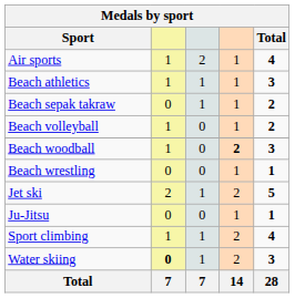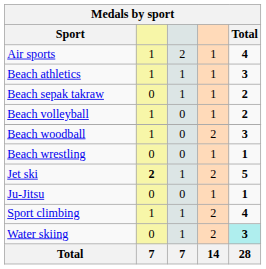 <table class="wikitable" style="font-size:90%; text-align:center;">
 <tr>
 <th colspan=5>Medals by sport</th>
 </tr>
 <tr>
 <th width=150>Sport</th>
 <th scope="col" width=30 style="background:#F7F6A8;"></th>
 <th scope="col" width=30 style="background:#DCE5E5;"></th>
 <th scope="col" width=30 style="background:#FFDAB9;"></th>
 <th width=30>Total</th>
 </tr>
 <tr>
 <td align=left> <a href='#'>Air sports</a></td>
 <td style="background:#F7F6A8;">1</td>
 <td style="background:#DCE5E5;">2</td>
 <td style="background:#FFDAB9;">1</td>
 <td><strong>4</strong></td>
 </tr>
 <tr>
 <td align=left> <a href='#'>Beach athletics</a></td>
 <td style="background:#F7F6A8;">1</td>
 <td style="background:#DCE5E5;">1</td>
 <td style="background:#FFDAB9;">1</td>
 <td><strong>3</strong></td>
 </tr>
 <tr>
 <td align=left> <a href='#'>Beach sepak takraw</a></td>
 <td style="background:#F7F6A8;">0</td>
 <td style="background:#DCE5E5;">1</td>
 <td style="background:#FFDAB9;">1</td>
 <td><strong>2</strong></td>
 </tr>
 <tr>
 <td align=left> <a href='#'>Beach volleyball</a></td>
 <td style="background:#F7F6A8;">1</td>
 <td style="background:#DCE5E5;">0</td>
 <td style="background:#FFDAB9;">1</td>
 <td><strong>2</strong></td>
 </tr>
 <tr>
 </tr>
 <tr>
 <td align=left> <a href='#'>Beach woodball</a></td>
 <td style="background:#F7F6A8;">1</td>
 <td style="background:#DCE5E5;">0</td>
-<td style="background:#FFDAB9;"><strong>2</strong></td>
+<td style="background:#FFDAB9;">2</td>
 <td><strong>3</strong></td>
 </tr>
 <tr>
 <td align=left> <a href='#'>Beach wrestling</a></td>
 <td style="background:#F7F6A8;">0</td>
 <td style="background:#DCE5E5;">0</td>
 <td style="background:#FFDAB9;">1</td>
 <td><strong>1</strong></td>
 </tr>
 <tr>
 <td align=left> <a href='#'>Jet ski</a></td>
-<td style="background:#F7F6A8;">2</td>
+<td style="background:#F7F6A8;"><strong>2</strong></td>
 <td style="background:#DCE5E5;">1</td>
 <td style="background:#FFDAB9;">2</td>
 <td><strong>5</strong></td>
 </tr>
 <tr>
 <td align=left> <a href='#'>Ju-Jitsu</a></td>
 <td style="background:#F7F6A8;">0</td>
 <td style="background:#DCE5E5;">0</td>
 <td style="background:#FFDAB9;">1</td>
 <td><strong>1</strong></td>
 </tr>
 <tr>
 <td align=left> <a href='#'>Sport climbing</a></td>
 <td style="background:#F7F6A8;">1</td>
 <td style="background:#DCE5E5;">1</td>
 <td style="background:#FFDAB9;">2</td>
 <td><strong>4</strong></td>
 </tr>
 <tr>
 <td align=left> <a href='#'>Water skiing</a></td>
-<td style="background:#F7F6A8;"><strong>0</strong></td>
+<td style="background:#F7F6A8;">0</td>
 <td style="background:#DCE5E5;">1</td>
 <td style="background:#FFDAB9;">2</td>
-<td><strong>3</strong></td>
+<td style="background: paleturquoise;"><strong>3</strong></td>
 </tr>
 <tr class="sortbottom">
 <th>Total</th>
 <th>7</th>
 <th>7</th>
 <th>14</th>
 <th>28</th>
 </tr>
 </table>
